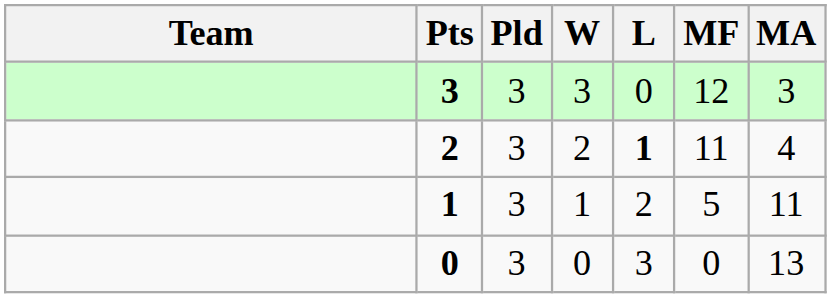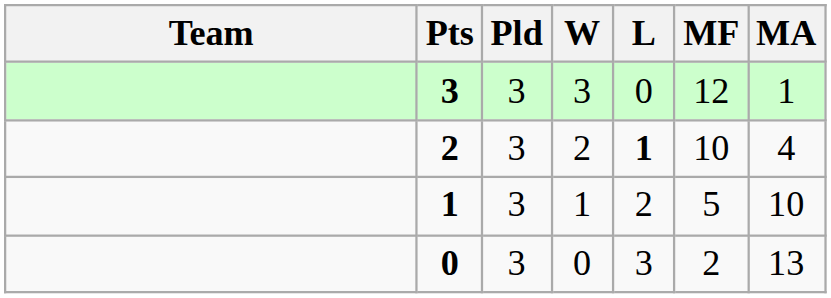 <table class=wikitable style="text-align:center">
 <tr>
 <th width=175>Team</th>
 <th width=20>Pts</th>
 <th width=20>Pld</th>
 <th width=20>W</th>
 <th width=20>L</th>
 <th width=20>MF</th>
 <th width=20>MA</th>
 </tr>
 <tr bgcolor=#ccffcc>
 <td style="text-align:left"></td>
 <td><strong>3</strong></td>
 <td>3</td>
 <td>3</td>
 <td>0</td>
 <td>12</td>
-<td>3</td>
+<td>1</td>
 </tr>
 <tr>
 <td style="text-align:left"></td>
 <td><strong>2</strong></td>
 <td>3</td>
 <td>2</td>
 <td><strong>1</strong></td>
-<td>11</td>
+<td>10</td>
 <td>4</td>
 </tr>
 <tr>
 <td style="text-align:left"></td>
 <td><strong>1</strong></td>
 <td>3</td>
 <td>1</td>
 <td>2</td>
 <td>5</td>
-<td>11</td>
+<td>10</td>
 </tr>
 <tr>
 <td style="text-align:left"></td>
 <td><strong>0</strong></td>
 <td>3</td>
 <td>0</td>
 <td>3</td>
-<td>0</td>
+<td>2</td>
 <td>13</td>
 </tr>
 </table>
